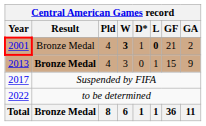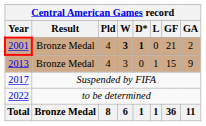 <table class="wikitable" style="text-align: center;">
 <tr>
 <th colspan=8><a href='#'>Central American Games</a> record</th>
 </tr>
 <tr>
 <th>Year</th>
 <th>Result</th>
 <th>Pld</th>
 <th>W</th>
 <th>D*</th>
 <th>L</th>
 <th>GF</th>
 <th>GA</th>
 </tr>
 <tr bgcolor=cfaa88>
 <td style="border:3px solid red"> <a href='#'>2001</a></td>
 <td>Bronze Medal</td>
 <td>4</td>
 <td><strong>3</strong></td>
-<td>1</td>
-<td><strong>0</strong></td>
+<td><strong>1</strong></td>
+<td>0</td>
 <td>21</td>
 <td>2</td>
 </tr>
 <tr bgcolor=cfaa88>
 <td> <a href='#'>2013</a></td>
-<td><strong>Bronze Medal</strong></td>
+<td>Bronze Medal</td>
 <td>4</td>
 <td>3</td>
 <td>0</td>
 <td>1</td>
 <td>15</td>
 <td>9</td>
 </tr>
 <tr>
 <td> <a href='#'>2017</a></td>
 <td colspan=8><em>Suspended by FIFA</em></td>
 </tr>
 <tr>
 <td> <a href='#'>2022</a></td>
 <td colspan=8><em>to be determined</em></td>
 </tr>
 <tr>
 <th>Total</th>
 <th>Bronze Medal</th>
 <th>8</th>
 <th>6</th>
 <th>1</th>
 <th>1</th>
 <th>36</th>
 <th>11</th>
 </tr>
 </table>
